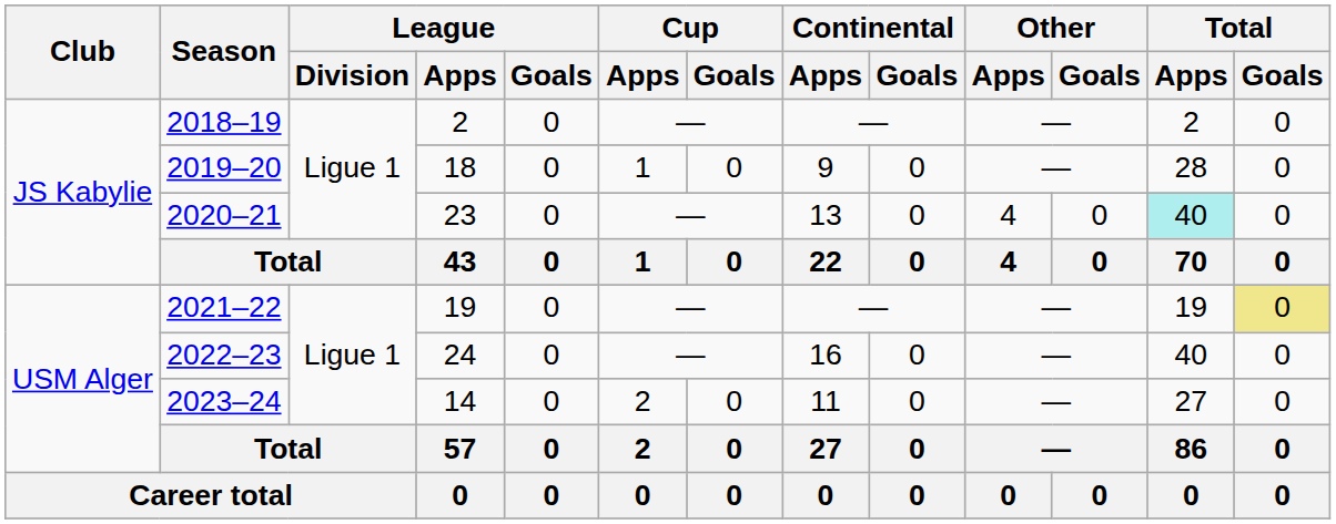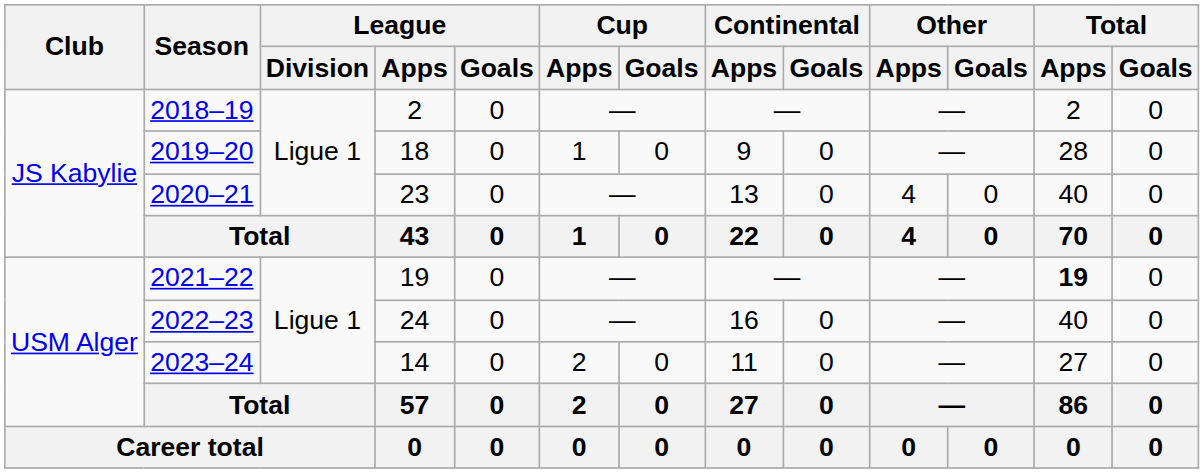 <table class="wikitable" style="text-align: center;">
 <tr>
 <th rowspan="2">Club</th>
 <th rowspan="2">Season</th>
 <th colspan="3">League</th>
 <th colspan="2">Cup</th>
 <th colspan="2">Continental</th>
 <th colspan="2">Other</th>
 <th colspan="2">Total</th>
 </tr>
 <tr>
 <th>Division</th>
 <th>Apps</th>
 <th>Goals</th>
 <th>Apps</th>
 <th>Goals</th>
 <th>Apps</th>
 <th>Goals</th>
 <th>Apps</th>
 <th>Goals</th>
 <th>Apps</th>
 <th>Goals</th>
 </tr>
 <tr>
 <td rowspan=4><a href='#'>JS Kabylie</a></td>
 <td><a href='#'>2018–19</a></td>
 <td rowspan=3>Ligue 1</td>
 <td>2</td>
 <td>0</td>
 <td colspan=2>—</td>
 <td colspan=2>—</td>
 <td colspan=2>—</td>
 <td>2</td>
 <td>0</td>
 </tr>
 <tr>
 <td><a href='#'>2019–20</a></td>
 <td>18</td>
 <td>0</td>
 <td>1</td>
 <td>0</td>
 <td>9</td>
 <td>0</td>
 <td colspan=2>—</td>
 <td>28</td>
 <td>0</td>
 </tr>
 <tr>
 <td><a href='#'>2020–21</a></td>
 <td>23</td>
 <td>0</td>
 <td colspan=2>—</td>
 <td>13</td>
 <td>0</td>
 <td>4</td>
 <td>0</td>
-<td style="background: paleturquoise;">40</td>
+<td>40</td>
 <td>0</td>
 </tr>
 <tr>
 <th colspan="2">Total</th>
 <th>43</th>
 <th>0</th>
 <th>1</th>
 <th>0</th>
 <th>22</th>
 <th>0</th>
 <th>4</th>
 <th>0</th>
 <th>70</th>
 <th>0</th>
 </tr>
 <tr>
 <td rowspan=4><a href='#'>USM Alger</a></td>
 <td><a href='#'>2021–22</a></td>
 <td rowspan=3>Ligue 1</td>
 <td>19</td>
 <td>0</td>
 <td colspan=2>—</td>
 <td colspan=2>—</td>
 <td colspan=2>—</td>
-<td>19</td>
-<td style="background: khaki;">0</td>
+<td><strong>19</strong></td>
+<td>0</td>
 </tr>
 <tr>
 <td><a href='#'>2022–23</a></td>
 <td>24</td>
 <td>0</td>
 <td colspan=2>—</td>
 <td>16</td>
 <td>0</td>
 <td colspan=2>—</td>
 <td>40</td>
 <td>0</td>
 </tr>
 <tr>
 <td><a href='#'>2023–24</a></td>
 <td>14</td>
 <td>0</td>
 <td>2</td>
 <td>0</td>
 <td>11</td>
 <td>0</td>
 <td colspan=2>—</td>
 <td>27</td>
 <td>0</td>
 </tr>
 <tr>
 <th colspan="2">Total</th>
 <th>57</th>
 <th>0</th>
 <th>2</th>
 <th>0</th>
 <th>27</th>
 <th>0</th>
 <th colspan=2>—</th>
 <th>86</th>
 <th>0</th>
 </tr>
 <tr>
 <th colspan="3">Career total</th>
 <th>0</th>
 <th>0</th>
 <th>0</th>
 <th>0</th>
 <th>0</th>
 <th>0</th>
 <th>0</th>
 <th>0</th>
 <th>0</th>
 <th>0</th>
 </tr>
 </table>
